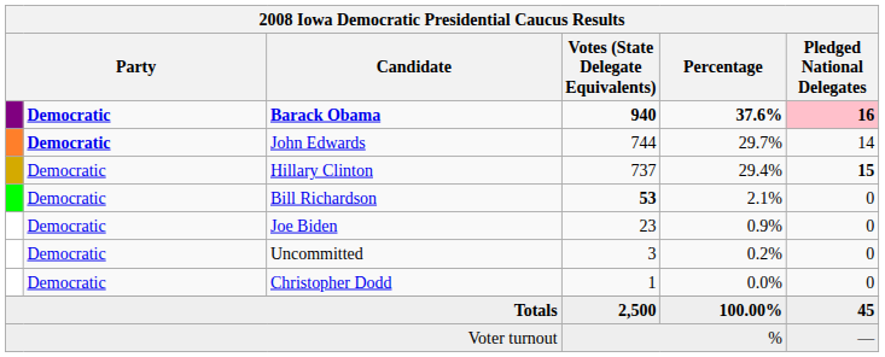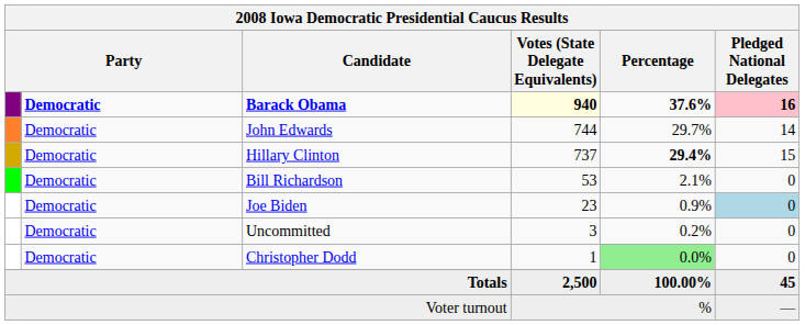 <table class="wikitable" style="font-size:95%;">
 <tr>
 <th colspan="7">2008 Iowa Democratic Presidential Caucus Results</th>
 </tr>
 <tr>
 <th colspan="2" style="width: 15em">Party</th>
 <th style="width: 17em">Candidate</th>
 <th style="width: 5em">Votes (State Delegate Equivalents)</th>
 <th style="width: 7em">Percentage</th>
 <th style="width: 5em">Pledged National Delegates<br></th>
 </tr>
 <tr>
 <th style="background-color:#800080; width: 3px"></th>
 <td style="width: 130px"><strong><a href='#'>Democratic</a></strong></td>
 <td><strong><a href='#'>Barack Obama</a></strong></td>
-<td align="right"><strong>940</strong></td>
+<td align="right" style="background: lightyellow;"><strong>940</strong></td>
 <td align="right"><strong>37.6%</strong></td>
 <td align="right" style="background: pink;"><strong>16</strong></td>
 </tr>
 <tr>
 <th style="background-color:#ff7f2a; width: 3px"></th>
-<td style="width: 130px"><strong><a href='#'>Democratic</a></strong></td>
+<td style="width: 130px"><a href='#'>Democratic</a></td>
 <td><a href='#'>John Edwards</a></td>
 <td align="right">744</td>
 <td align="right">29.7%</td>
 <td align="right">14</td>
 </tr>
 <tr>
 <th style="background-color:#d4aa00; width: 3px"></th>
 <td style="width: 130px"><a href='#'>Democratic</a></td>
 <td><a href='#'>Hillary Clinton</a></td>
 <td align="right">737</td>
-<td align="right">29.4%</td>
-<td align="right"><strong>15</strong></td>
+<td align="right"><strong>29.4%</strong></td>
+<td align="right">15</td>
 </tr>
 <tr>
 <th style="background-color:#00FF00; width: 3px"></th>
 <td style="width: 130px"><a href='#'>Democratic</a></td>
 <td><a href='#'>Bill Richardson</a></td>
-<td align="right"><strong>53</strong></td>
+<td align="right">53</td>
 <td align="right">2.1%</td>
 <td align="right">0</td>
 </tr>
 <tr>
 <th style="background-color:#ffffff; width: 3px"></th>
 <td style="width: 130px"><a href='#'>Democratic</a></td>
 <td><a href='#'>Joe Biden</a></td>
 <td align="right">23</td>
 <td align="right">0.9%</td>
-<td align="right">0</td>
+<td align="right" style="background: lightblue;">0</td>
 </tr>
 <tr>
 <th style="background-color:#ffffff; width: 3px"></th>
 <td style="width: 130px"><a href='#'>Democratic</a></td>
 <td>Uncommitted</td>
 <td align="right">3</td>
 <td align="right">0.2%</td>
 <td align="right">0</td>
 </tr>
 <tr>
 <th style="background-color:#ffffff; width: 3px"></th>
 <td style="width: 130px"><a href='#'>Democratic</a></td>
 <td><a href='#'>Christopher Dodd</a></td>
 <td align="right">1</td>
-<td align="right">0.0%</td>
+<td align="right" style="background: lightgreen;">0.0%</td>
 <td align="right">0</td>
 </tr>
 <tr>
 </tr>
 <tr bgcolor="#EEEEEE">
 <td colspan="3" align="right"><strong>Totals</strong></td>
 <td align="right"><strong>2,500</strong></td>
 <td align="right"><strong>100.00%</strong></td>
 <td align="right"><strong>45</strong></td>
 </tr>
 <tr bgcolor="#EEEEEE">
 <td colspan="3" align="right">Voter turnout</td>
 <td colspan="2" align="right">%</td>
 <td align="right">—</td>
 </tr>
 </table>
